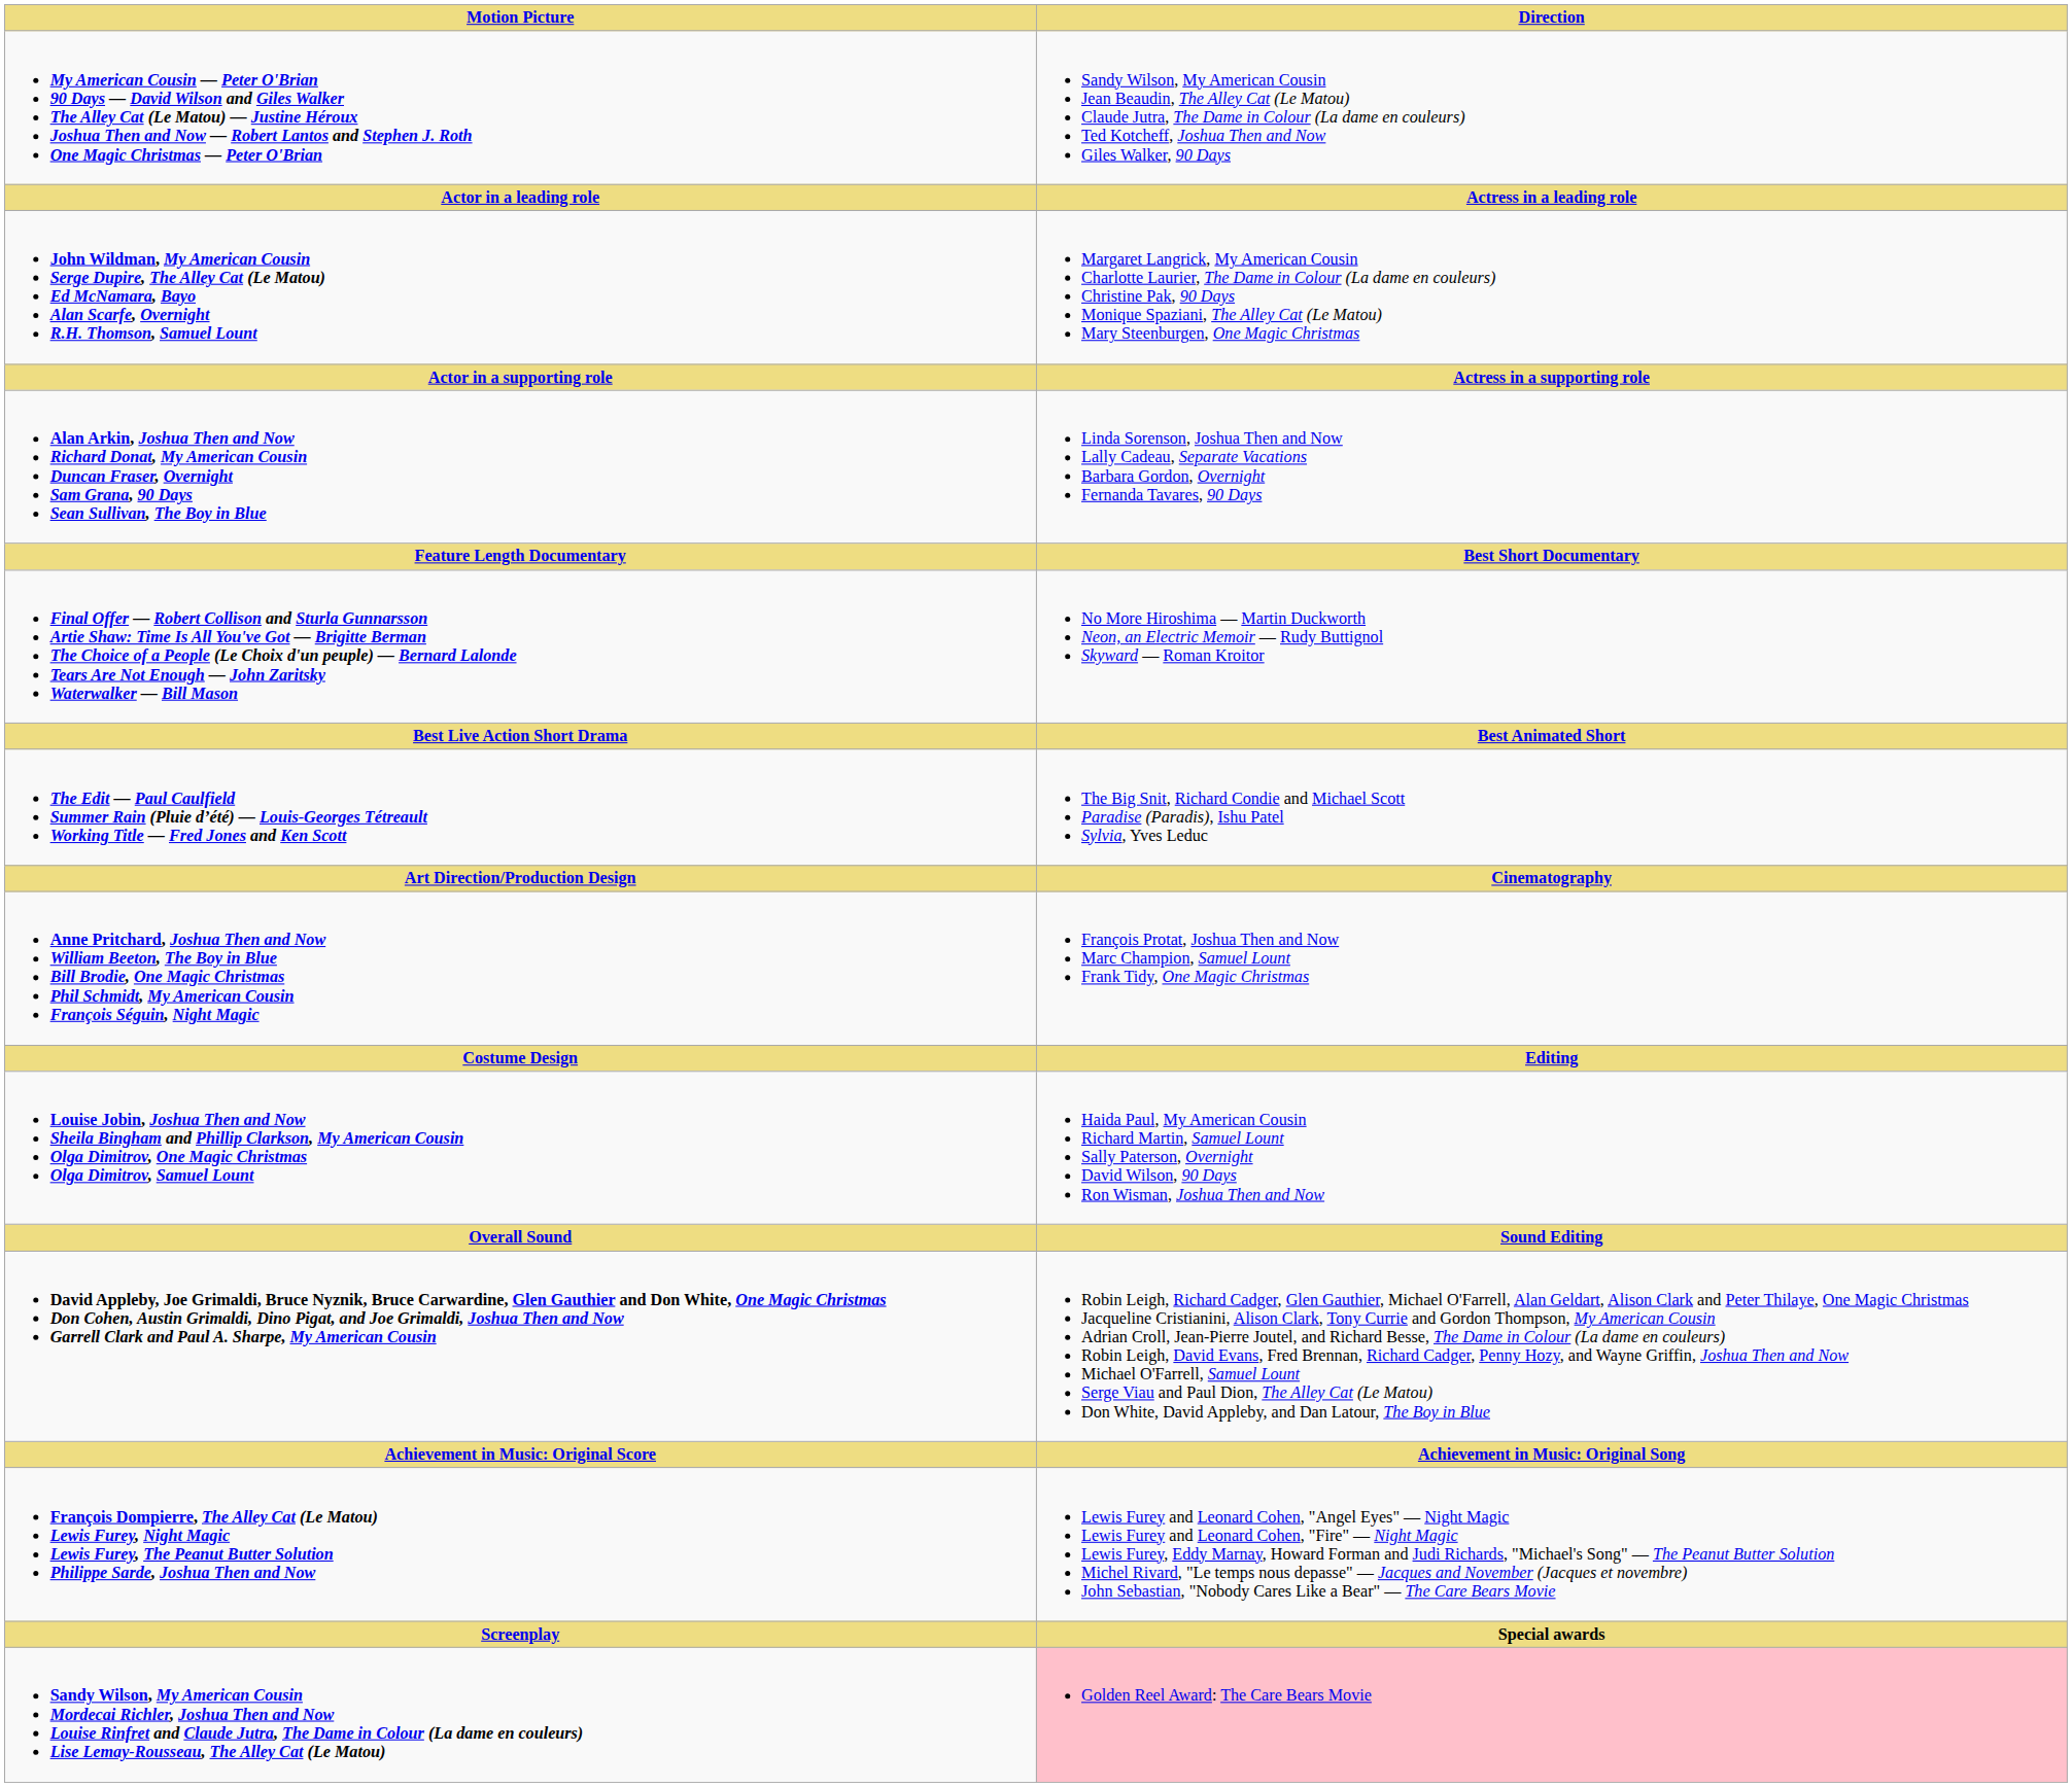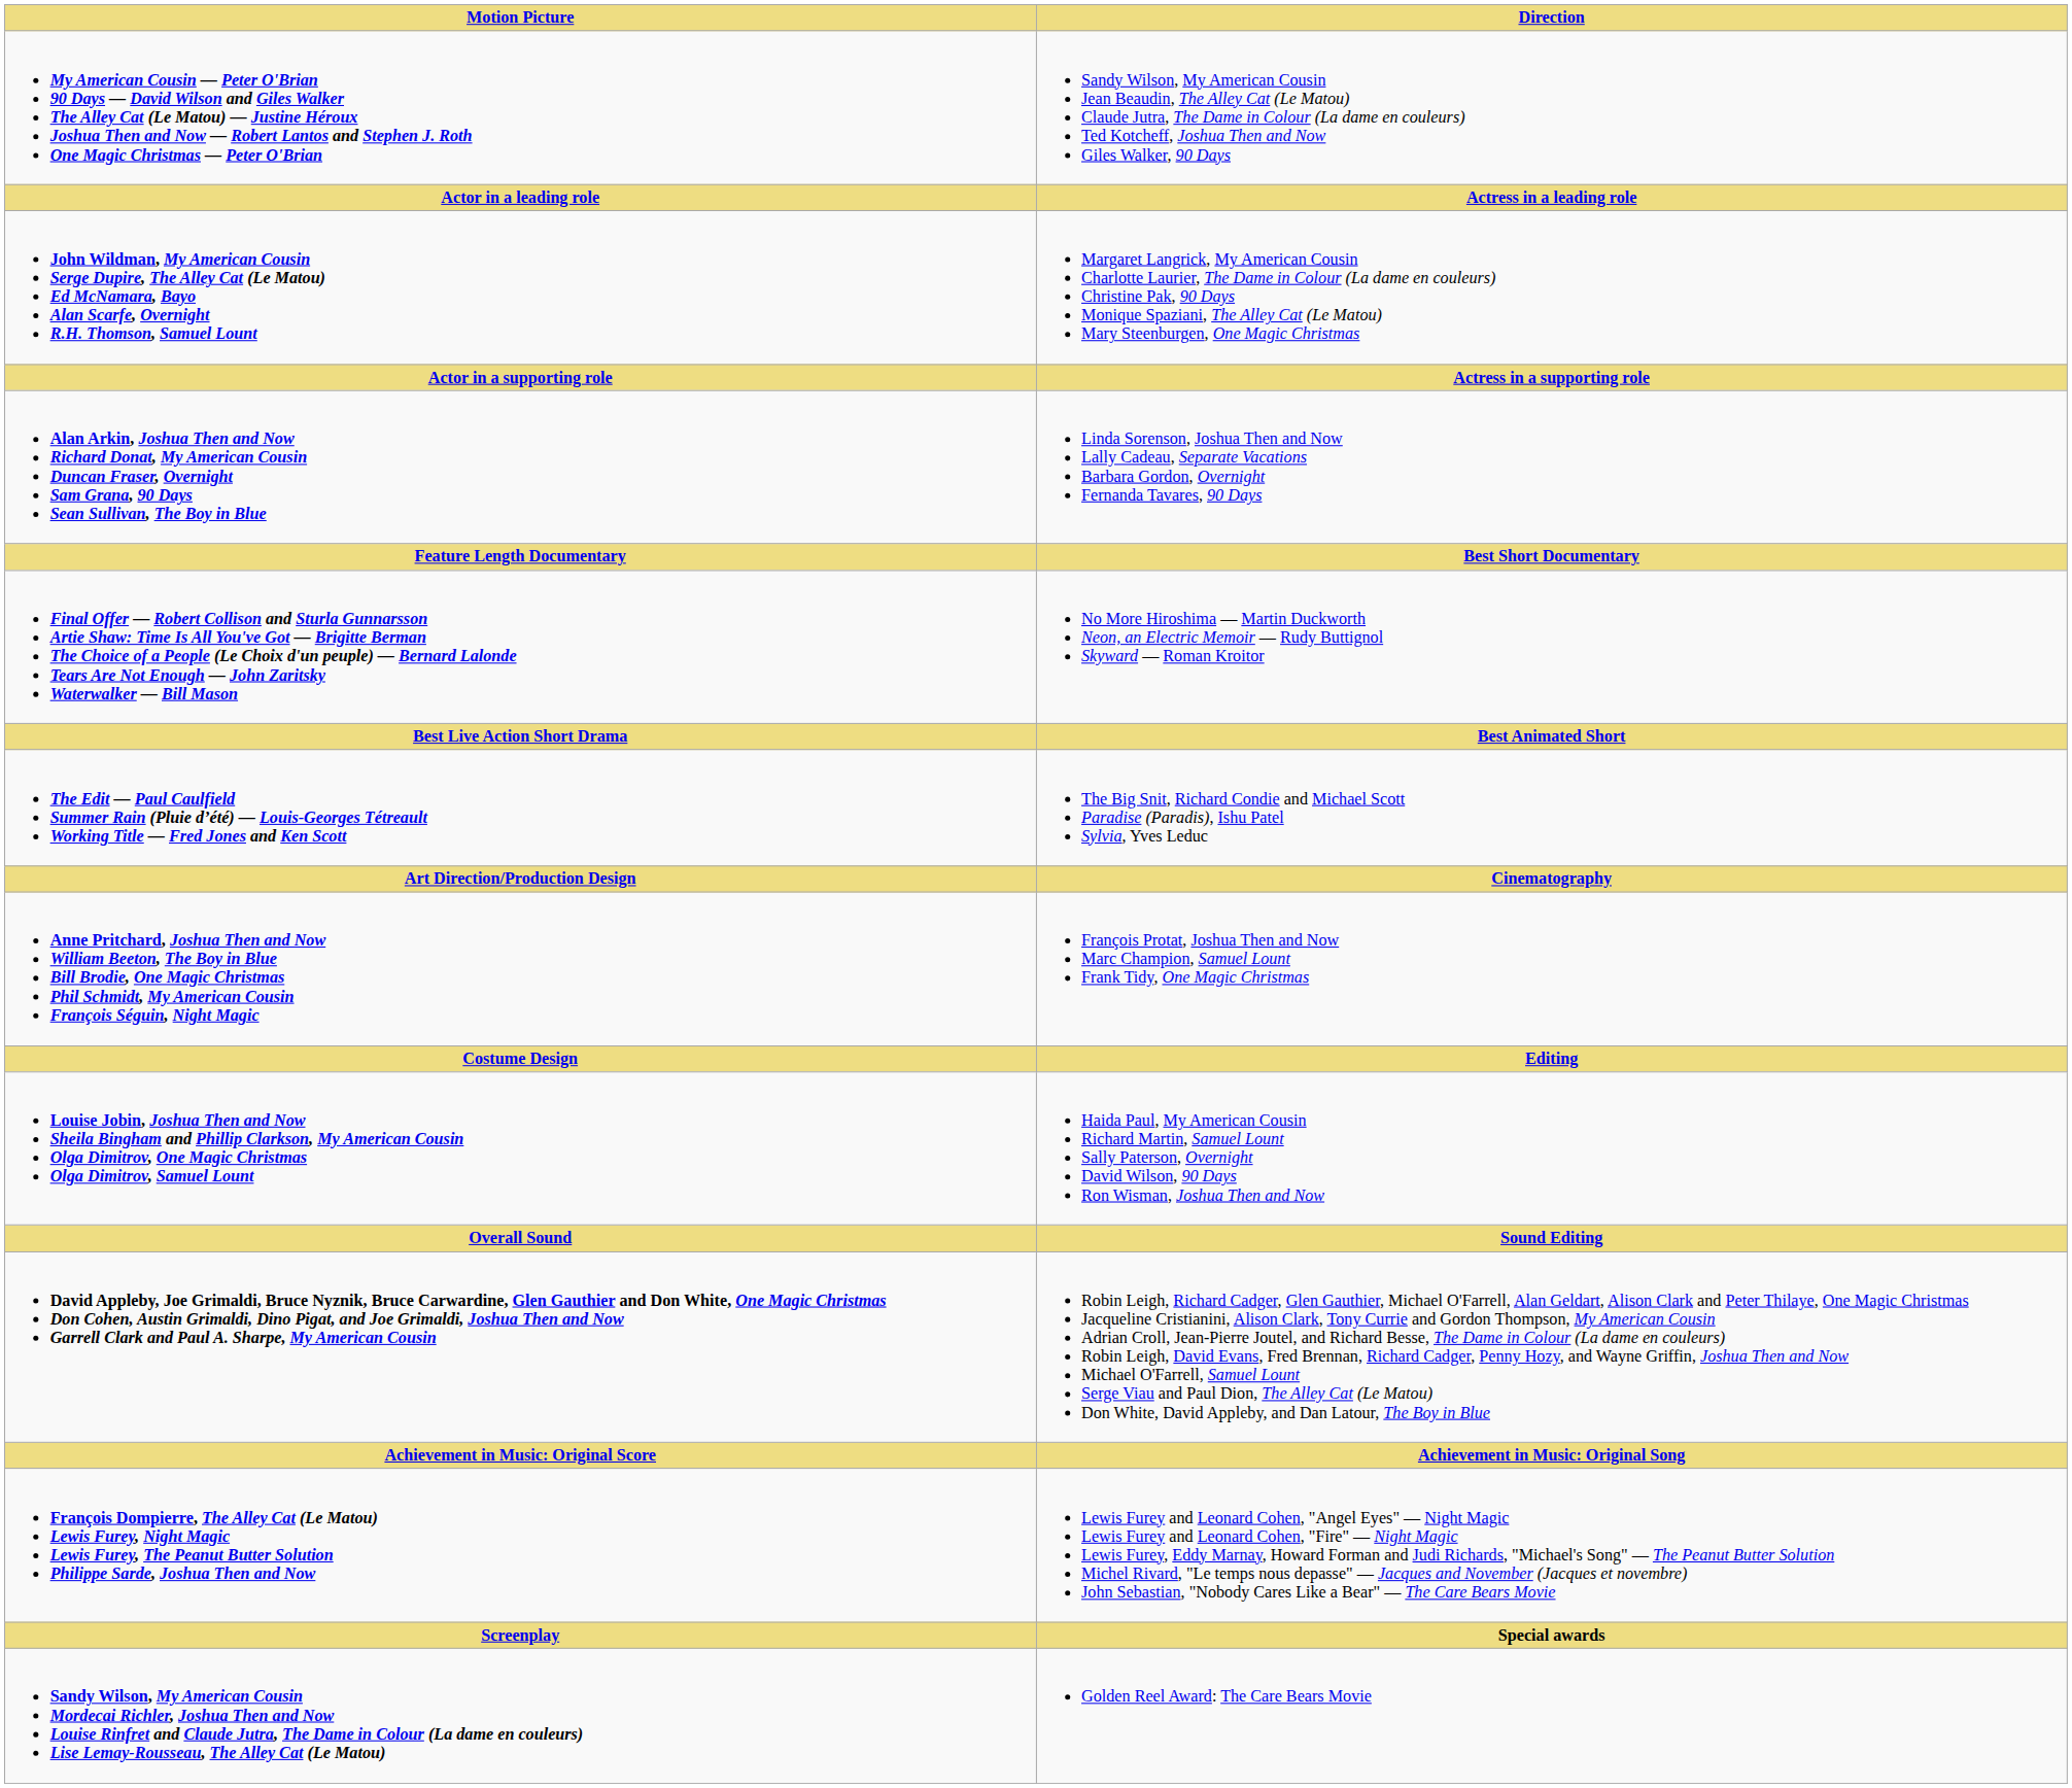 <table class=wikitable width="100%">
 <tr>
 <th style="background:#EEDD82; width:50%"><a href='#'>Motion Picture</a></th>
 <th style="background:#EEDD82; width:50%"><a href='#'>Direction</a></th>
 </tr>
 <tr>
 <td valign="top"><br><ul><li> <strong><em><a href='#'>My American Cousin</a><em> — <a href='#'>Peter O'Brian</a><strong></li><li></em><a href='#'>90 Days</a><em> — <a href='#'>David Wilson</a> and <a href='#'>Giles Walker</a></li><li></em><a href='#'>The Alley Cat</a> (Le Matou)<em> — <a href='#'>Justine Héroux</a></li><li></em><a href='#'>Joshua Then and Now</a><em> — <a href='#'>Robert Lantos</a> and <a href='#'>Stephen J. Roth</a></li><li></em><a href='#'>One Magic Christmas</a><em> — <a href='#'>Peter O'Brian</a></li></ul></td>
 <td valign="top"><br><ul><li> </strong><a href='#'>Sandy Wilson</a>, </em><a href='#'>My American Cousin</a></em></strong></li><li><a href='#'>Jean Beaudin</a>, <em><a href='#'>The Alley Cat</a> (Le Matou)</em></li><li><a href='#'>Claude Jutra</a>, <em><a href='#'>The Dame in Colour</a> (La dame en couleurs)</em></li><li><a href='#'>Ted Kotcheff</a>, <em><a href='#'>Joshua Then and Now</a></em></li><li><a href='#'>Giles Walker</a>, <em><a href='#'>90 Days</a></em></li></ul></td>
 </tr>
 <tr>
 <th style="background:#EEDD82; width:50%"><a href='#'>Actor in a leading role</a></th>
 <th style="background:#EEDD82; width:50%"><a href='#'>Actress in a leading role</a></th>
 </tr>
 <tr>
 <td valign="top"><br><ul><li> <strong><a href='#'>John Wildman</a>, <em><a href='#'>My American Cousin</a><strong><em></li><li><a href='#'>Serge Dupire</a>, </em><a href='#'>The Alley Cat</a> (Le Matou)<em></li><li><a href='#'>Ed McNamara</a>, </em><a href='#'>Bayo</a><em></li><li><a href='#'>Alan Scarfe</a>, </em><a href='#'>Overnight</a><em></li><li><a href='#'>R.H. Thomson</a>, </em><a href='#'>Samuel Lount</a><em></li></ul></td>
 <td valign="top"><br><ul><li> </strong><a href='#'>Margaret Langrick</a>, </em><a href='#'>My American Cousin</a></em></strong></li><li><a href='#'>Charlotte Laurier</a>, <em><a href='#'>The Dame in Colour</a> (La dame en couleurs)</em></li><li><a href='#'>Christine Pak</a>, <em><a href='#'>90 Days</a></em></li><li><a href='#'>Monique Spaziani</a>, <em><a href='#'>The Alley Cat</a> (Le Matou)</em></li><li><a href='#'>Mary Steenburgen</a>, <em><a href='#'>One Magic Christmas</a></em></li></ul></td>
 </tr>
 <tr>
 <th style="background:#EEDD82; width:50%"><a href='#'>Actor in a supporting role</a></th>
 <th style="background:#EEDD82; width:50%"><a href='#'>Actress in a supporting role</a></th>
 </tr>
 <tr>
 <td valign="top"><br><ul><li> <strong><a href='#'>Alan Arkin</a>, <em><a href='#'>Joshua Then and Now</a><strong><em></li><li><a href='#'>Richard Donat</a>, </em><a href='#'>My American Cousin</a><em></li><li><a href='#'>Duncan Fraser</a>, </em><a href='#'>Overnight</a><em></li><li><a href='#'>Sam Grana</a>, </em><a href='#'>90 Days</a><em></li><li><a href='#'>Sean Sullivan</a>, </em><a href='#'>The Boy in Blue</a><em></li></ul></td>
 <td valign="top"><br><ul><li> </strong><a href='#'>Linda Sorenson</a>, </em><a href='#'>Joshua Then and Now</a></em></strong></li><li><a href='#'>Lally Cadeau</a>, <em><a href='#'>Separate Vacations</a></em></li><li><a href='#'>Barbara Gordon</a>, <em><a href='#'>Overnight</a></em></li><li><a href='#'>Fernanda Tavares</a>, <em><a href='#'>90 Days</a></em></li></ul></td>
 </tr>
 <tr>
 <th style="background:#EEDD82; width:50%"><a href='#'>Feature Length Documentary</a></th>
 <th style="background:#EEDD82; width:50%"><a href='#'>Best Short Documentary</a></th>
 </tr>
 <tr>
 <td valign="top"><br><ul><li> <strong><em><a href='#'>Final Offer</a><em> — <a href='#'>Robert Collison</a> and <a href='#'>Sturla Gunnarsson</a><strong></li><li></em><a href='#'>Artie Shaw: Time Is All You've Got</a><em> — <a href='#'>Brigitte Berman</a></li><li></em><a href='#'>The Choice of a People</a> (Le Choix d'un peuple)<em> — <a href='#'>Bernard Lalonde</a></li><li></em><a href='#'>Tears Are Not Enough</a><em> — <a href='#'>John Zaritsky</a></li><li></em><a href='#'>Waterwalker</a><em> — <a href='#'>Bill Mason</a></li></ul></td>
 <td valign="top"><br><ul><li> </em></strong><a href='#'>No More Hiroshima</a></em> — <a href='#'>Martin Duckworth</a></strong></li><li><em><a href='#'>Neon, an Electric Memoir</a></em> — <a href='#'>Rudy Buttignol</a></li><li><em><a href='#'>Skyward</a></em> — <a href='#'>Roman Kroitor</a></li></ul></td>
 </tr>
 <tr>
 <th style="background:#EEDD82; width:50%"><a href='#'>Best Live Action Short Drama</a></th>
 <th style="background:#EEDD82; width:50%"><a href='#'>Best Animated Short</a></th>
 </tr>
 <tr>
 <td valign="top"><br><ul><li> <strong><em><a href='#'>The Edit</a><em> — <a href='#'>Paul Caulfield</a><strong></li><li></em><a href='#'>Summer Rain</a> (Pluie d’été)<em> — <a href='#'>Louis-Georges Tétreault</a></li><li></em><a href='#'>Working Title</a><em> — <a href='#'>Fred Jones</a> and <a href='#'>Ken Scott</a></li></ul></td>
 <td valign="top"><br><ul><li> </em></strong><a href='#'>The Big Snit</a></em>, <a href='#'>Richard Condie</a> and <a href='#'>Michael Scott</a></strong></li><li><em><a href='#'>Paradise</a> (Paradis)</em>, <a href='#'>Ishu Patel</a></li><li><em><a href='#'>Sylvia</a></em>, Yves Leduc</li></ul></td>
 </tr>
 <tr>
 <th style="background:#EEDD82; width:50%"><a href='#'>Art Direction/Production Design</a></th>
 <th style="background:#EEDD82; width:50%"><a href='#'>Cinematography</a></th>
 </tr>
 <tr>
 <td valign="top"><br><ul><li> <strong><a href='#'>Anne Pritchard</a>, <em><a href='#'>Joshua Then and Now</a><strong><em></li><li><a href='#'>William Beeton</a>, </em><a href='#'>The Boy in Blue</a><em></li><li><a href='#'>Bill Brodie</a>, </em><a href='#'>One Magic Christmas</a><em></li><li><a href='#'>Phil Schmidt</a>, </em><a href='#'>My American Cousin</a><em></li><li><a href='#'>François Séguin</a>, </em><a href='#'>Night Magic</a><em></li></ul></td>
 <td valign="top"><br><ul><li> </strong><a href='#'>François Protat</a>, </em><a href='#'>Joshua Then and Now</a></em></strong></li><li><a href='#'>Marc Champion</a>, <em><a href='#'>Samuel Lount</a></em></li><li><a href='#'>Frank Tidy</a>, <em><a href='#'>One Magic Christmas</a></em></li></ul></td>
 </tr>
 <tr>
 <th style="background:#EEDD82; width:50%"><a href='#'>Costume Design</a></th>
 <th style="background:#EEDD82; width:50%"><a href='#'>Editing</a></th>
 </tr>
 <tr>
 <td valign="top"><br><ul><li> <strong><a href='#'>Louise Jobin</a>, <em><a href='#'>Joshua Then and Now</a><strong><em></li><li><a href='#'>Sheila Bingham</a> and <a href='#'>Phillip Clarkson</a>, </em><a href='#'>My American Cousin</a><em></li><li><a href='#'>Olga Dimitrov</a>, </em><a href='#'>One Magic Christmas</a><em></li><li><a href='#'>Olga Dimitrov</a>, </em><a href='#'>Samuel Lount</a><em></li></ul></td>
 <td valign="top"><br><ul><li> </strong><a href='#'>Haida Paul</a>, </em><a href='#'>My American Cousin</a></em></strong></li><li><a href='#'>Richard Martin</a>, <em><a href='#'>Samuel Lount</a></em></li><li><a href='#'>Sally Paterson</a>, <em><a href='#'>Overnight</a></em></li><li><a href='#'>David Wilson</a>, <em><a href='#'>90 Days</a></em></li><li><a href='#'>Ron Wisman</a>, <em><a href='#'>Joshua Then and Now</a></em></li></ul></td>
 </tr>
 <tr>
 <th style="background:#EEDD82; width:50%"><a href='#'>Overall Sound</a></th>
 <th style="background:#EEDD82; width:50%"><a href='#'>Sound Editing</a></th>
 </tr>
 <tr>
 <td valign="top"><br><ul><li> <strong>David Appleby, Joe Grimaldi, Bruce Nyznik, Bruce Carwardine, <a href='#'>Glen Gauthier</a> and Don White, <em><a href='#'>One Magic Christmas</a><strong><em></li><li>Don Cohen, Austin Grimaldi, Dino Pigat, and Joe Grimaldi, </em><a href='#'>Joshua Then and Now</a><em></li><li>Garrell Clark and Paul A. Sharpe, </em><a href='#'>My American Cousin</a><em></li></ul></td>
 <td valign="top"><br><ul><li> </strong>Robin Leigh, <a href='#'>Richard Cadger</a>, <a href='#'>Glen Gauthier</a>, Michael O'Farrell, <a href='#'>Alan Geldart</a>, <a href='#'>Alison Clark</a> and <a href='#'>Peter Thilaye</a>, </em><a href='#'>One Magic Christmas</a></em></strong></li><li>Jacqueline Cristianini, <a href='#'>Alison Clark</a>, <a href='#'>Tony Currie</a> and Gordon Thompson, <em><a href='#'>My American Cousin</a></em></li><li>Adrian Croll, Jean-Pierre Joutel, and Richard Besse, <em><a href='#'>The Dame in Colour</a> (La dame en couleurs)</em></li><li>Robin Leigh, <a href='#'>David Evans</a>, Fred Brennan, <a href='#'>Richard Cadger</a>, <a href='#'>Penny Hozy</a>, and Wayne Griffin, <em><a href='#'>Joshua Then and Now</a></em></li><li>Michael O'Farrell, <em><a href='#'>Samuel Lount</a></em></li><li><a href='#'>Serge Viau</a> and Paul Dion, <em><a href='#'>The Alley Cat</a> (Le Matou)</em></li><li>Don White, David Appleby, and Dan Latour, <em><a href='#'>The Boy in Blue</a></em></li></ul></td>
 </tr>
 <tr>
 <th style="background:#EEDD82; width:50%"><a href='#'>Achievement in Music: Original Score</a></th>
 <th style="background:#EEDD82; width:50%"><a href='#'>Achievement in Music: Original Song</a></th>
 </tr>
 <tr>
 <td valign="top"><br><ul><li> <strong><a href='#'>François Dompierre</a>, <em><a href='#'>The Alley Cat</a> (Le Matou)<strong><em></li><li><a href='#'>Lewis Furey</a>, </em><a href='#'>Night Magic</a><em></li><li><a href='#'>Lewis Furey</a>, </em><a href='#'>The Peanut Butter Solution</a><em></li><li><a href='#'>Philippe Sarde</a>, </em><a href='#'>Joshua Then and Now</a><em></li></ul></td>
 <td valign="top"><br><ul><li> </strong><a href='#'>Lewis Furey</a> and <a href='#'>Leonard Cohen</a>, "Angel Eyes" — </em><a href='#'>Night Magic</a></em></strong></li><li><a href='#'>Lewis Furey</a> and <a href='#'>Leonard Cohen</a>, "Fire" — <em><a href='#'>Night Magic</a></em></li><li><a href='#'>Lewis Furey</a>, <a href='#'>Eddy Marnay</a>, Howard Forman and <a href='#'>Judi Richards</a>, "Michael's Song" — <em><a href='#'>The Peanut Butter Solution</a></em></li><li><a href='#'>Michel Rivard</a>, "Le temps nous depasse" — <em><a href='#'>Jacques and November</a> (Jacques et novembre)</em></li><li><a href='#'>John Sebastian</a>, "Nobody Cares Like a Bear" — <em><a href='#'>The Care Bears Movie</a></em></li></ul></td>
 </tr>
 <tr>
 <th style="background:#EEDD82; width:50%"><a href='#'>Screenplay</a></th>
 <th style="background:#EEDD82; width:50%">Special awards</th>
 </tr>
 <tr>
 <td valign="top"><br><ul><li> <strong><a href='#'>Sandy Wilson</a>, <em><a href='#'>My American Cousin</a><strong><em></li><li><a href='#'>Mordecai Richler</a>, </em><a href='#'>Joshua Then and Now</a><em></li><li><a href='#'>Louise Rinfret</a> and <a href='#'>Claude Jutra</a>, </em><a href='#'>The Dame in Colour</a> (La dame en couleurs)<em></li><li><a href='#'>Lise Lemay-Rousseau</a>, </em><a href='#'>The Alley Cat</a> (Le Matou)<em></li></ul></td>
-<td valign="top" style="background: pink;"><br><ul><li><a href='#'>Golden Reel Award</a>: </em></strong><a href='#'>The Care Bears Movie</a><strong><em></li></ul></td>
+<td valign="top"><br><ul><li><a href='#'>Golden Reel Award</a>: </em></strong><a href='#'>The Care Bears Movie</a><strong><em></li></ul></td>
 </tr>
 </table>
